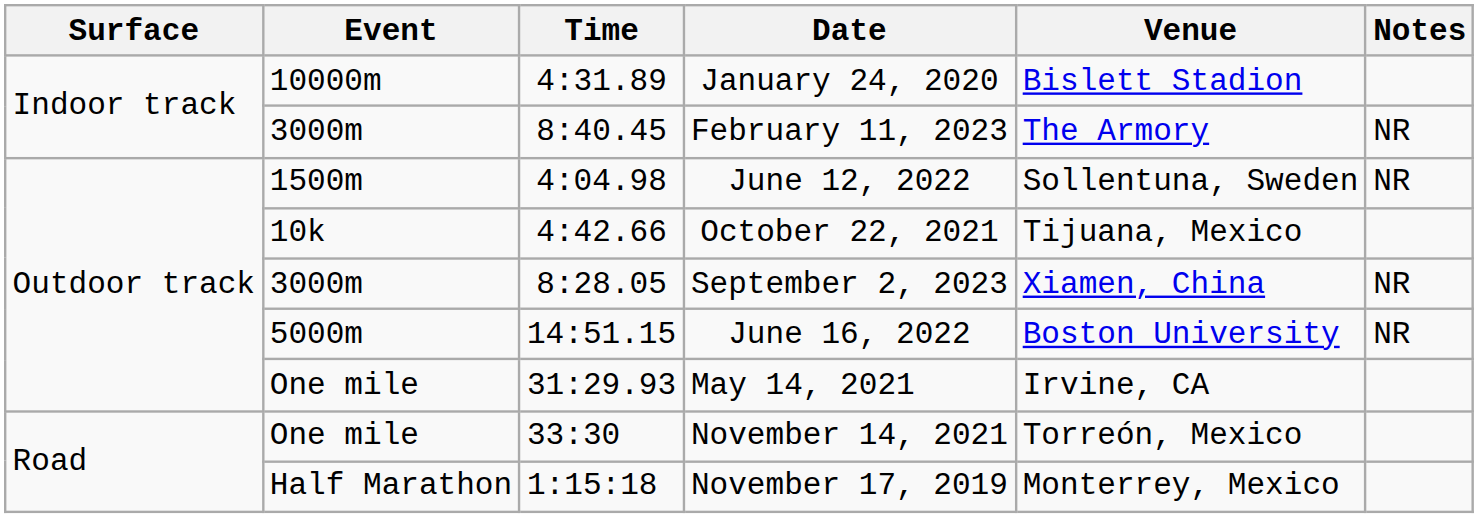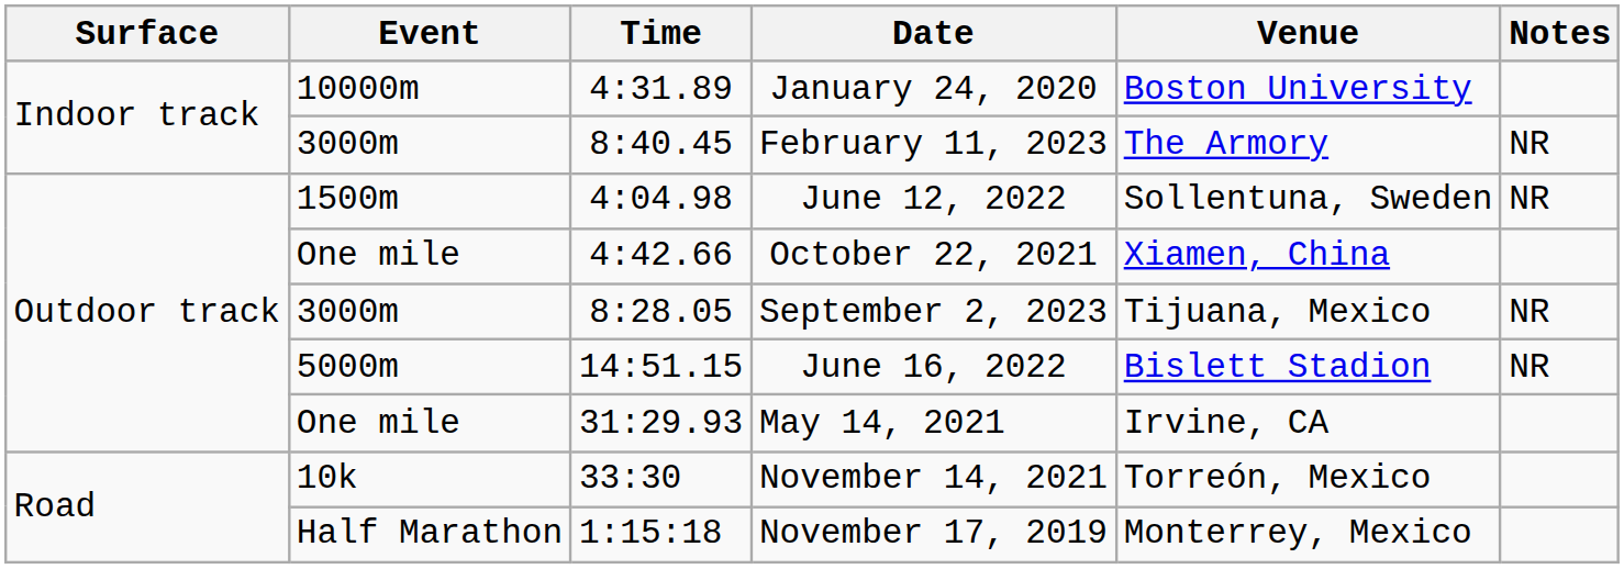 <table class="wikitable sortable">
 <tr>
 <th>Surface</th>
 <th>Event</th>
 <th>Time</th>
 <th>Date</th>
 <th>Venue</th>
 <th>Notes</th>
 </tr>
 <tr>
 <td rowspan="2">Indoor track</td>
 <td>10000m</td>
 <td align="center">4:31.89</td>
 <td align="center">January 24, 2020</td>
-<td><a href='#'>Bislett Stadion</a></td>
+<td><a href='#'>Boston University</a></td>
 <td></td>
 </tr>
 <tr>
 <td>3000m</td>
 <td align="center">8:40.45</td>
 <td align="center">February 11, 2023</td>
 <td><a href='#'>The Armory</a></td>
 <td>NR</td>
 </tr>
 <tr>
 <td rowspan="5">Outdoor track</td>
 <td>1500m</td>
 <td align="center">4:04.98</td>
 <td align="center">June 12, 2022</td>
 <td>Sollentuna, Sweden</td>
 <td>NR</td>
 </tr>
 <tr>
-<td>10k</td>
+<td>One mile</td>
 <td align="center">4:42.66</td>
 <td align="center">October 22, 2021</td>
-<td>Tijuana, Mexico</td>
+<td><a href='#'>Xiamen, China</a></td>
 <td></td>
 </tr>
 <tr>
 <td>3000m</td>
 <td align="center">8:28.05</td>
 <td align="center”">September 2, 2023</td>
-<td><a href='#'>Xiamen, China</a></td>
+<td>Tijuana, Mexico</td>
 <td>NR</td>
 </tr>
 <tr>
 <td>5000m</td>
 <td align="center">14:51.15</td>
 <td align="center">June 16, 2022</td>
-<td><a href='#'>Boston University</a></td>
+<td><a href='#'>Bislett Stadion</a></td>
 <td>NR</td>
 </tr>
 <tr>
 <td>One mile</td>
 <td>31:29.93</td>
 <td>May 14, 2021</td>
 <td>Irvine, CA</td>
 <td></td>
 </tr>
 <tr>
 <td rowspan="2">Road</td>
-<td>One mile</td>
+<td>10k</td>
 <td>33:30</td>
 <td>November 14, 2021</td>
 <td>Torreón, Mexico</td>
 <td></td>
 </tr>
 <tr>
 <td>Half Marathon</td>
 <td>1:15:18</td>
 <td>November 17, 2019</td>
 <td>Monterrey, Mexico</td>
 <td></td>
 </tr>
 </table>
